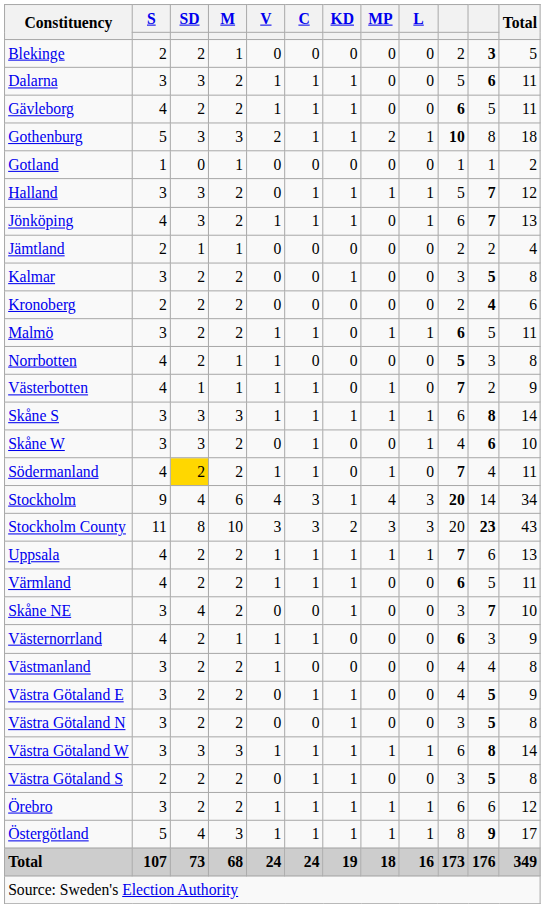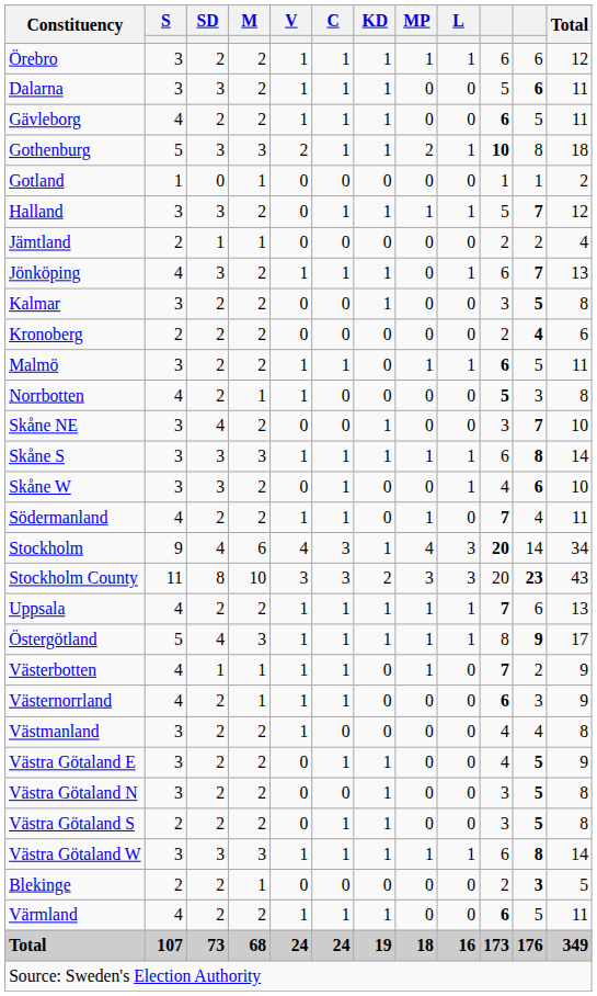 <table class="wikitable sortable" style="text-align:right; font-size:95%; line-height:20px;">
 <tr>
 <th rowspan="2">Constituency</th>
 <th width="30px" class="unsortable"><a href='#'>S</a></th>
 <th width="30px" class="unsortable"><a href='#'>SD</a></th>
 <th width="30px" class="unsortable"><a href='#'>M</a></th>
 <th width="30px" class="unsortable"><a href='#'>V</a></th>
 <th width="30px" class="unsortable"><a href='#'>C</a></th>
 <th width="30px" class="unsortable"><a href='#'>KD</a></th>
 <th width="30px" class="unsortable"><a href='#'>MP</a></th>
 <th width="30px" class="unsortable"><a href='#'>L</a></th>
 <th></th>
 <th></th>
 <th rowspan="2">Total</th>
 </tr>
 <tr>
 <th style="background:"></th>
 <th style="background:"></th>
 <th style="background:"></th>
 <th style="background:"></th>
 <th style="background:"></th>
 <th style="background:"></th>
 <th style="background:"></th>
 <th style="background:"></th>
 <th style="background:"></th>
 <th style="background:"></th>
 </tr>
 <tr>
-<td align="left"><a href='#'>Blekinge</a></td>
+<td align="left"><a href='#'>Örebro</a></td>
+<td>3</td>
 <td>2</td>
 <td>2</td>
 <td>1</td>
-<td>0</td>
-<td>0</td>
-<td>0</td>
-<td>0</td>
-<td>0</td>
-<td>2</td>
-<td><strong>3</strong></td>
-<td>5</td>
+<td>1</td>
+<td>1</td>
+<td>1</td>
+<td>1</td>
+<td>6</td>
+<td>6</td>
+<td>12</td>
 </tr>
 <tr>
 <td align="left"><a href='#'>Dalarna</a></td>
 <td>3</td>
 <td>3</td>
 <td>2</td>
 <td>1</td>
 <td>1</td>
 <td>1</td>
 <td>0</td>
 <td>0</td>
 <td>5</td>
 <td><strong>6</strong></td>
 <td>11</td>
 </tr>
 <tr>
 <td align="left"><a href='#'>Gävleborg</a></td>
 <td>4</td>
 <td>2</td>
 <td>2</td>
 <td>1</td>
 <td>1</td>
 <td>1</td>
 <td>0</td>
 <td>0</td>
 <td><strong>6</strong></td>
 <td>5</td>
 <td>11</td>
 </tr>
 <tr>
 <td align="left"><a href='#'>Gothenburg</a></td>
 <td>5</td>
 <td>3</td>
 <td>3</td>
 <td>2</td>
 <td>1</td>
 <td>1</td>
 <td>2</td>
 <td>1</td>
 <td><strong>10</strong></td>
 <td>8</td>
 <td>18</td>
 </tr>
 <tr>
 <td align="left"><a href='#'>Gotland</a></td>
 <td>1</td>
 <td>0</td>
 <td>1</td>
 <td>0</td>
 <td>0</td>
 <td>0</td>
 <td>0</td>
 <td>0</td>
 <td>1</td>
 <td>1</td>
 <td>2</td>
 </tr>
 <tr>
 <td align="left"><a href='#'>Halland</a></td>
 <td>3</td>
 <td>3</td>
 <td>2</td>
 <td>0</td>
 <td>1</td>
 <td>1</td>
 <td>1</td>
 <td>1</td>
 <td>5</td>
 <td><strong>7</strong></td>
 <td>12</td>
 </tr>
 <tr>
+<td align="left"><a href='#'>Jämtland</a></td>
+<td>2</td>
+<td>1</td>
+<td>1</td>
+<td>0</td>
+<td>0</td>
+<td>0</td>
+<td>0</td>
+<td>0</td>
+<td>2</td>
+<td>2</td>
+<td>4</td>
+</tr>
+<tr>
 <td align="left"><a href='#'>Jönköping</a></td>
 <td>4</td>
 <td>3</td>
 <td>2</td>
 <td>1</td>
 <td>1</td>
 <td>1</td>
 <td>0</td>
 <td>1</td>
 <td>6</td>
 <td><strong>7</strong></td>
 <td>13</td>
-</tr>
-<tr>
-<td align="left"><a href='#'>Jämtland</a></td>
-<td>2</td>
-<td>1</td>
-<td>1</td>
-<td>0</td>
-<td>0</td>
-<td>0</td>
-<td>0</td>
-<td>0</td>
-<td>2</td>
-<td>2</td>
-<td>4</td>
 </tr>
 <tr>
 <td align="left"><a href='#'>Kalmar</a></td>
 <td>3</td>
 <td>2</td>
 <td>2</td>
 <td>0</td>
 <td>0</td>
 <td>1</td>
 <td>0</td>
 <td>0</td>
 <td>3</td>
 <td><strong>5</strong></td>
 <td>8</td>
 </tr>
 <tr>
 <td align="left"><a href='#'>Kronoberg</a></td>
 <td>2</td>
 <td>2</td>
 <td>2</td>
 <td>0</td>
 <td>0</td>
 <td>0</td>
 <td>0</td>
 <td>0</td>
 <td>2</td>
 <td><strong>4</strong></td>
 <td>6</td>
 </tr>
 <tr>
 <td align="left"><a href='#'>Malmö</a></td>
 <td>3</td>
 <td>2</td>
 <td>2</td>
 <td>1</td>
 <td>1</td>
 <td>0</td>
 <td>1</td>
 <td>1</td>
 <td><strong>6</strong></td>
 <td>5</td>
 <td>11</td>
 </tr>
 <tr>
 <td align="left"><a href='#'>Norrbotten</a></td>
 <td>4</td>
 <td>2</td>
 <td>1</td>
 <td>1</td>
 <td>0</td>
 <td>0</td>
 <td>0</td>
 <td>0</td>
 <td><strong>5</strong></td>
 <td>3</td>
 <td>8</td>
 </tr>
 <tr>
-<td align="left"><a href='#'>Västerbotten</a></td>
+<td align="left"><a href='#'>Skåne NE</a></td>
+<td>3</td>
 <td>4</td>
-<td>1</td>
-<td>1</td>
-<td>1</td>
-<td>1</td>
+<td>2</td>
+<td>0</td>
 <td>0</td>
 <td>1</td>
 <td>0</td>
+<td>0</td>
+<td>3</td>
 <td><strong>7</strong></td>
-<td>2</td>
-<td>9</td>
+<td>10</td>
 </tr>
 <tr>
 <td align="left"><a href='#'>Skåne S</a></td>
 <td>3</td>
 <td>3</td>
 <td>3</td>
 <td>1</td>
 <td>1</td>
 <td>1</td>
 <td>1</td>
 <td>1</td>
 <td>6</td>
 <td><strong>8</strong></td>
 <td>14</td>
 </tr>
 <tr>
 <td align="left"><a href='#'>Skåne W</a></td>
 <td>3</td>
 <td>3</td>
 <td>2</td>
 <td>0</td>
 <td>1</td>
 <td>0</td>
 <td>0</td>
 <td>1</td>
 <td>4</td>
 <td><strong>6</strong></td>
 <td>10</td>
 </tr>
 <tr>
 <td align="left"><a href='#'>Södermanland</a></td>
 <td>4</td>
-<td style="background: gold;">2</td>
+<td>2</td>
 <td>2</td>
 <td>1</td>
 <td>1</td>
 <td>0</td>
 <td>1</td>
 <td>0</td>
 <td><strong>7</strong></td>
 <td>4</td>
 <td>11</td>
 </tr>
 <tr>
 <td align="left"><a href='#'>Stockholm</a></td>
 <td>9</td>
 <td>4</td>
 <td>6</td>
 <td>4</td>
 <td>3</td>
 <td>1</td>
 <td>4</td>
 <td>3</td>
 <td><strong>20</strong></td>
 <td>14</td>
 <td>34</td>
 </tr>
 <tr>
 <td align="left"><a href='#'>Stockholm County</a></td>
 <td>11</td>
 <td>8</td>
 <td>10</td>
 <td>3</td>
 <td>3</td>
 <td>2</td>
 <td>3</td>
 <td>3</td>
 <td>20</td>
 <td><strong>23</strong></td>
 <td>43</td>
 </tr>
 <tr>
 <td align="left"><a href='#'>Uppsala</a></td>
 <td>4</td>
 <td>2</td>
 <td>2</td>
 <td>1</td>
 <td>1</td>
 <td>1</td>
 <td>1</td>
 <td>1</td>
 <td><strong>7</strong></td>
 <td>6</td>
 <td>13</td>
 </tr>
 <tr>
-<td align="left"><a href='#'>Värmland</a></td>
+<td align="left"><a href='#'>Östergötland</a></td>
+<td>5</td>
 <td>4</td>
-<td>2</td>
-<td>2</td>
+<td>3</td>
+<td>1</td>
+<td>1</td>
+<td>1</td>
+<td>1</td>
+<td>1</td>
+<td>8</td>
+<td><strong>9</strong></td>
+<td>17</td>
+</tr>
+<tr>
+<td align="left"><a href='#'>Västerbotten</a></td>
+<td>4</td>
+<td>1</td>
 <td>1</td>
 <td>1</td>
 <td>1</td>
 <td>0</td>
-<td>0</td>
-<td><strong>6</strong></td>
-<td>5</td>
-<td>11</td>
-</tr>
-<tr>
-<td align="left"><a href='#'>Skåne NE</a></td>
-<td>3</td>
-<td>4</td>
-<td>2</td>
-<td>0</td>
-<td>0</td>
 <td>1</td>
 <td>0</td>
-<td>0</td>
-<td>3</td>
 <td><strong>7</strong></td>
-<td>10</td>
+<td>2</td>
+<td>9</td>
 </tr>
 <tr>
 <td align="left"><a href='#'>Västernorrland</a></td>
 <td>4</td>
 <td>2</td>
 <td>1</td>
 <td>1</td>
 <td>1</td>
 <td>0</td>
 <td>0</td>
 <td>0</td>
 <td><strong>6</strong></td>
 <td>3</td>
 <td>9</td>
 </tr>
 <tr>
 <td align="left"><a href='#'>Västmanland</a></td>
 <td>3</td>
 <td>2</td>
 <td>2</td>
 <td>1</td>
 <td>0</td>
 <td>0</td>
 <td>0</td>
 <td>0</td>
 <td>4</td>
 <td>4</td>
 <td>8</td>
 </tr>
 <tr>
 <td align="left"><a href='#'>Västra Götaland E</a></td>
 <td>3</td>
 <td>2</td>
 <td>2</td>
 <td>0</td>
 <td>1</td>
 <td>1</td>
 <td>0</td>
 <td>0</td>
 <td>4</td>
 <td><strong>5</strong></td>
 <td>9</td>
 </tr>
 <tr>
 <td align="left"><a href='#'>Västra Götaland N</a></td>
 <td>3</td>
 <td>2</td>
 <td>2</td>
 <td>0</td>
 <td>0</td>
 <td>1</td>
 <td>0</td>
 <td>0</td>
 <td>3</td>
 <td><strong>5</strong></td>
 <td>8</td>
 </tr>
 <tr>
+<td align="left"><a href='#'>Västra Götaland S</a></td>
+<td>2</td>
+<td>2</td>
+<td>2</td>
+<td>0</td>
+<td>1</td>
+<td>1</td>
+<td>0</td>
+<td>0</td>
+<td>3</td>
+<td><strong>5</strong></td>
+<td>8</td>
+</tr>
+<tr>
 <td align="left"><a href='#'>Västra Götaland W</a></td>
 <td>3</td>
 <td>3</td>
 <td>3</td>
 <td>1</td>
 <td>1</td>
 <td>1</td>
 <td>1</td>
 <td>1</td>
 <td>6</td>
 <td><strong>8</strong></td>
 <td>14</td>
 </tr>
 <tr>
-<td align="left"><a href='#'>Västra Götaland S</a></td>
+<td align="left"><a href='#'>Blekinge</a></td>
 <td>2</td>
 <td>2</td>
-<td>2</td>
-<td>0</td>
-<td>1</td>
 <td>1</td>
 <td>0</td>
 <td>0</td>
-<td>3</td>
-<td><strong>5</strong></td>
-<td>8</td>
+<td>0</td>
+<td>0</td>
+<td>0</td>
+<td>2</td>
+<td><strong>3</strong></td>
+<td>5</td>
 </tr>
 <tr>
-<td align="left"><a href='#'>Örebro</a></td>
-<td>3</td>
+<td align="left"><a href='#'>Värmland</a></td>
+<td>4</td>
 <td>2</td>
 <td>2</td>
 <td>1</td>
 <td>1</td>
 <td>1</td>
-<td>1</td>
-<td>1</td>
-<td>6</td>
-<td>6</td>
-<td>12</td>
-</tr>
-<tr>
-<td align="left"><a href='#'>Östergötland</a></td>
+<td>0</td>
+<td>0</td>
+<td><strong>6</strong></td>
 <td>5</td>
-<td>4</td>
-<td>3</td>
-<td>1</td>
-<td>1</td>
-<td>1</td>
-<td>1</td>
-<td>1</td>
-<td>8</td>
-<td><strong>9</strong></td>
-<td>17</td>
+<td>11</td>
 </tr>
 <tr style="background:#CDCDCD;">
 <td align="left"><strong>Total</strong></td>
 <td><strong>107</strong></td>
 <td><strong>73</strong></td>
 <td><strong>68</strong></td>
 <td><strong>24</strong></td>
 <td><strong>24</strong></td>
 <td><strong>19</strong></td>
 <td><strong>18</strong></td>
 <td><strong>16</strong></td>
 <td><strong>173</strong></td>
 <td><strong>176</strong></td>
 <td><strong>349</strong></td>
 </tr>
 <tr>
 <td colspan="12" align="left">Source: Sweden's <a href='#'>Election Authority</a></td>
 </tr>
 </table>
